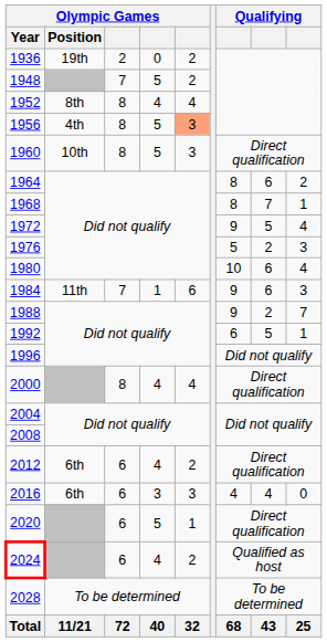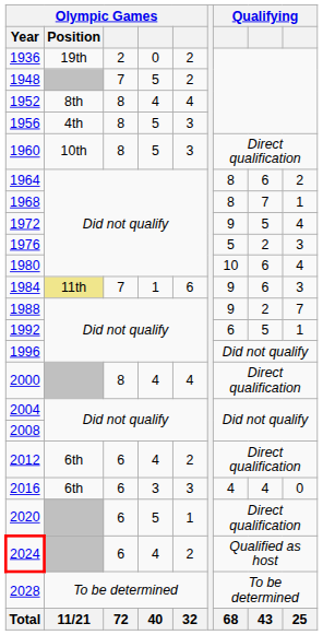 <table class="wikitable" style="text-align: center;font-size:90%;">
 <tr>
 <th colspan=5><a href='#'>Olympic Games</a></th>
 <th rowspan=25></th>
 <th colspan=3><a href='#'>Qualifying</a></th>
 </tr>
 <tr>
 <th>Year</th>
 <th>Position</th>
 <th width=30></th>
 <th width=30></th>
 <th width=30></th>
 <th width=30></th>
 <th width=30></th>
 <th width=30></th>
 </tr>
 <tr>
 <td> <a href='#'>1936</a></td>
 <td>19th</td>
 <td>2</td>
 <td>0</td>
 <td>2</td>
 </tr>
 <tr>
 <td> <a href='#'>1948</a></td>
 <td bgcolor=silver></td>
 <td>7</td>
 <td>5</td>
 <td>2</td>
 </tr>
 <tr>
 <td> <a href='#'>1952</a></td>
 <td>8th</td>
 <td>8</td>
 <td>4</td>
 <td>4</td>
 </tr>
 <tr>
 <td> <a href='#'>1956</a></td>
 <td>4th</td>
 <td>8</td>
 <td>5</td>
-<td style="background: lightsalmon;">3</td>
+<td>3</td>
 </tr>
 <tr>
 <td> <a href='#'>1960</a></td>
 <td>10th</td>
 <td>8</td>
 <td>5</td>
 <td>3</td>
 <td colspan=3><em>Direct qualification</em></td>
 </tr>
 <tr>
 <td> <a href='#'>1964</a></td>
 <td colspan=4 rowspan=5><em>Did not qualify</em></td>
 <td>8</td>
 <td>6</td>
 <td>2</td>
 </tr>
 <tr>
 <td> <a href='#'>1968</a></td>
 <td>8</td>
 <td>7</td>
 <td>1</td>
 </tr>
 <tr>
 <td> <a href='#'>1972</a></td>
 <td>9</td>
 <td>5</td>
 <td>4</td>
 </tr>
 <tr>
 <td> <a href='#'>1976</a></td>
 <td>5</td>
 <td>2</td>
 <td>3</td>
 </tr>
 <tr>
 <td> <a href='#'>1980</a></td>
 <td>10</td>
 <td>6</td>
 <td>4</td>
 </tr>
 <tr>
 <td> <a href='#'>1984</a></td>
-<td>11th</td>
+<td style="background: khaki;">11th</td>
 <td>7</td>
 <td>1</td>
 <td>6</td>
 <td>9</td>
 <td>6</td>
 <td>3</td>
 </tr>
 <tr>
 <td> <a href='#'>1988</a></td>
 <td colspan=4 rowspan=3><em>Did not qualify</em></td>
 <td>9</td>
 <td>2</td>
 <td>7</td>
 </tr>
 <tr>
 <td> <a href='#'>1992</a></td>
 <td>6</td>
 <td>5</td>
 <td>1</td>
 </tr>
 <tr>
 <td> <a href='#'>1996</a></td>
 <td colspan=3><em>Did not qualify</em></td>
 </tr>
 <tr>
 <td> <a href='#'>2000</a></td>
 <td bgcolor=silver></td>
 <td>8</td>
 <td>4</td>
 <td>4</td>
 <td colspan=3><em>Direct qualification</em></td>
 </tr>
 <tr>
 <td> <a href='#'>2004</a></td>
 <td colspan=4 rowspan=2><em>Did not qualify</em></td>
 <td colspan=3 rowspan=2><em>Did not qualify</em></td>
 </tr>
 <tr>
 <td> <a href='#'>2008</a></td>
 </tr>
 <tr>
 <td> <a href='#'>2012</a></td>
 <td>6th</td>
 <td>6</td>
 <td>4</td>
 <td>2</td>
 <td colspan=3><em>Direct qualification</em></td>
 </tr>
 <tr>
 <td> <a href='#'>2016</a></td>
 <td>6th</td>
 <td>6</td>
 <td>3</td>
 <td>3</td>
 <td>4</td>
 <td>4</td>
 <td>0</td>
 </tr>
 <tr>
 <td> <a href='#'>2020</a></td>
 <td bgcolor=silver></td>
 <td>6</td>
 <td>5</td>
 <td>1</td>
 <td colspan=3><em>Direct qualification</em></td>
 </tr>
 <tr>
 <td style="border: 3px solid red"> <a href='#'>2024</a></td>
 <td bgcolor=silver></td>
 <td>6</td>
 <td>4</td>
 <td>2</td>
 <td colspan=3><em>Qualified as host</em></td>
 </tr>
 <tr>
 <td> <a href='#'>2028</a></td>
 <td colspan=4><em>To be determined</em></td>
 <td colspan=3><em>To be determined</em></td>
 </tr>
 <tr>
 <th>Total</th>
 <th>11/21</th>
 <th>72</th>
 <th>40</th>
 <th>32</th>
 <th>68</th>
 <th>43</th>
 <th>25</th>
 </tr>
 </table>
